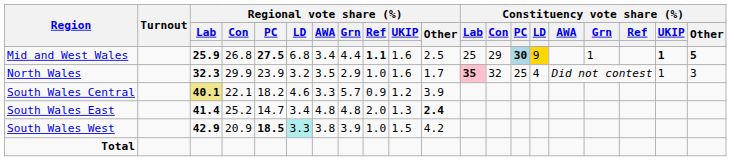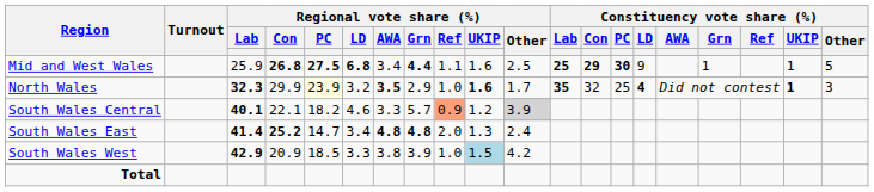 <table class="wikitable">
 <tr>
 <th rowspan="3" scope="col"><a href='#'>Region</a></th>
 <th rowspan="3" scope="col">Turnout</th>
 <th colspan="9">Regional vote share (%)</th>
 <th colspan="9">Constituency vote share (%)</th>
 </tr>
 <tr>
 <th scope="col"><a href='#'>Lab</a></th>
 <th scope="col"><a href='#'>Con</a></th>
 <th scope="col"><a href='#'>PC</a></th>
 <th scope="col"><a href='#'>LD</a></th>
 <th scope="col"><a href='#'>AWA</a></th>
 <th scope="col"><a href='#'>Grn</a></th>
 <th scope="col"><a href='#'>Ref</a></th>
 <th scope="col"><a href='#'>UKIP</a></th>
 <th scope="col" rowspan=2>Other</th>
 <th scope="col"><a href='#'>Lab</a></th>
 <th scope="col"><a href='#'>Con</a></th>
 <th scope="col"><a href='#'>PC</a></th>
 <th scope="col"><a href='#'>LD</a></th>
 <th scope="col"><a href='#'>AWA</a></th>
 <th scope="col"><a href='#'>Grn</a></th>
 <th scope="col"><a href='#'>Ref</a></th>
 <th scope="col"><a href='#'>UKIP</a></th>
 <th scope="col" rowspan=2>Other</th>
 </tr>
 <tr>
 <th scope="col" style="background:"></th>
 <th scope="col" style="background:"></th>
 <th scope="col" style="background:"></th>
 <th scope="col" style="background:"></th>
 <th scope="col" style="background:"></th>
 <th scope="col" style="background:"></th>
 <th scope="col" style="background:"></th>
 <th scope="col" style="background:"></th>
 <th scope="col" style="background:"></th>
 <th scope="col" style="background:"></th>
 <th scope="col" style="background:"></th>
 <th scope="col" style="background:"></th>
 <th scope="col" style="background:"></th>
 <th scope="col" style="background:"></th>
 <th scope="col" style="background:"></th>
 <th scope="col" style="background:"></th>
 </tr>
 <tr>
 <td><a href='#'>Mid and West Wales</a></td>
 <td></td>
-<td><strong>25.9</strong></td>
-<td>26.8</td>
+<td>25.9</td>
+<td><strong>26.8</strong></td>
 <td><strong>27.5</strong></td>
-<td>6.8</td>
+<td><strong>6.8</strong></td>
 <td>3.4</td>
-<td>4.4</td>
-<td><strong>1.1</strong></td>
+<td><strong>4.4</strong></td>
+<td>1.1</td>
 <td>1.6</td>
 <td>2.5</td>
-<td>25</td>
-<td>29</td>
-<td style="background: lightblue;"><strong>30</strong></td>
-<td style="background: gold;">9</td>
+<td><strong>25</strong></td>
+<td><strong>29</strong></td>
+<td><strong>30</strong></td>
+<td>9</td>
 <td></td>
 <td>1</td>
 <td></td>
-<td><strong>1</strong></td>
-<td><strong>5</strong></td>
+<td>1</td>
+<td>5</td>
 </tr>
 <tr>
 <td><a href='#'>North Wales</a></td>
 <td></td>
 <td><strong>32.3</strong></td>
 <td>29.9</td>
-<td>23.9</td>
+<td style="background: lightyellow;">23.9</td>
 <td>3.2</td>
-<td>3.5</td>
+<td><strong>3.5</strong></td>
 <td>2.9</td>
 <td>1.0</td>
-<td>1.6</td>
+<td><strong>1.6</strong></td>
 <td>1.7</td>
-<td style="background: pink;"><strong>35</strong></td>
+<td><strong>35</strong></td>
 <td>32</td>
 <td>25</td>
-<td>4</td>
+<td><strong>4</strong></td>
 <td colspan="3"><em>Did not contest</em></td>
-<td>1</td>
+<td><strong>1</strong></td>
 <td>3</td>
 </tr>
 <tr>
 <td><a href='#'>South Wales Central</a></td>
 <td></td>
-<td style="background: khaki;"><strong>40.1</strong></td>
+<td><strong>40.1</strong></td>
 <td>22.1</td>
 <td>18.2</td>
 <td>4.6</td>
 <td>3.3</td>
 <td>5.7</td>
-<td>0.9</td>
+<td style="background: lightsalmon;">0.9</td>
 <td>1.2</td>
-<td>3.9</td>
+<td style="background: lightgrey;">3.9</td>
 <td></td>
 <td></td>
 <td></td>
 <td></td>
 <td></td>
 <td></td>
 <td></td>
 <td></td>
 <td></td>
 </tr>
 <tr>
 <td><a href='#'>South Wales East</a></td>
 <td></td>
 <td><strong>41.4</strong></td>
-<td>25.2</td>
+<td><strong>25.2</strong></td>
 <td>14.7</td>
 <td>3.4</td>
-<td>4.8</td>
-<td>4.8</td>
+<td><strong>4.8</strong></td>
+<td><strong>4.8</strong></td>
 <td>2.0</td>
 <td>1.3</td>
-<td><strong>2.4</strong></td>
+<td>2.4</td>
 <td></td>
 <td></td>
 <td></td>
 <td></td>
 <td></td>
 <td></td>
 <td></td>
 <td></td>
 <td></td>
 </tr>
 <tr>
 <td><a href='#'>South Wales West</a></td>
 <td></td>
 <td><strong>42.9</strong></td>
 <td>20.9</td>
-<td><strong>18.5</strong></td>
-<td style="background: paleturquoise;">3.3</td>
+<td>18.5</td>
+<td>3.3</td>
 <td>3.8</td>
 <td>3.9</td>
 <td>1.0</td>
-<td>1.5</td>
+<td style="background: lightblue;">1.5</td>
 <td>4.2</td>
 <td></td>
 <td></td>
 <td></td>
 <td></td>
 <td></td>
 <td></td>
 <td></td>
 <td></td>
 <td></td>
 </tr>
 <tr>
 <td align="right"><strong>Total</strong></td>
 <td></td>
 <td></td>
 <td></td>
 <td></td>
 <td></td>
 <td></td>
 <td></td>
 <td></td>
 <td></td>
 <td></td>
 <td></td>
 <td></td>
 <td></td>
 <td></td>
 <td></td>
 <td></td>
 <td></td>
 <td></td>
 <td></td>
 </tr>
 </table>
